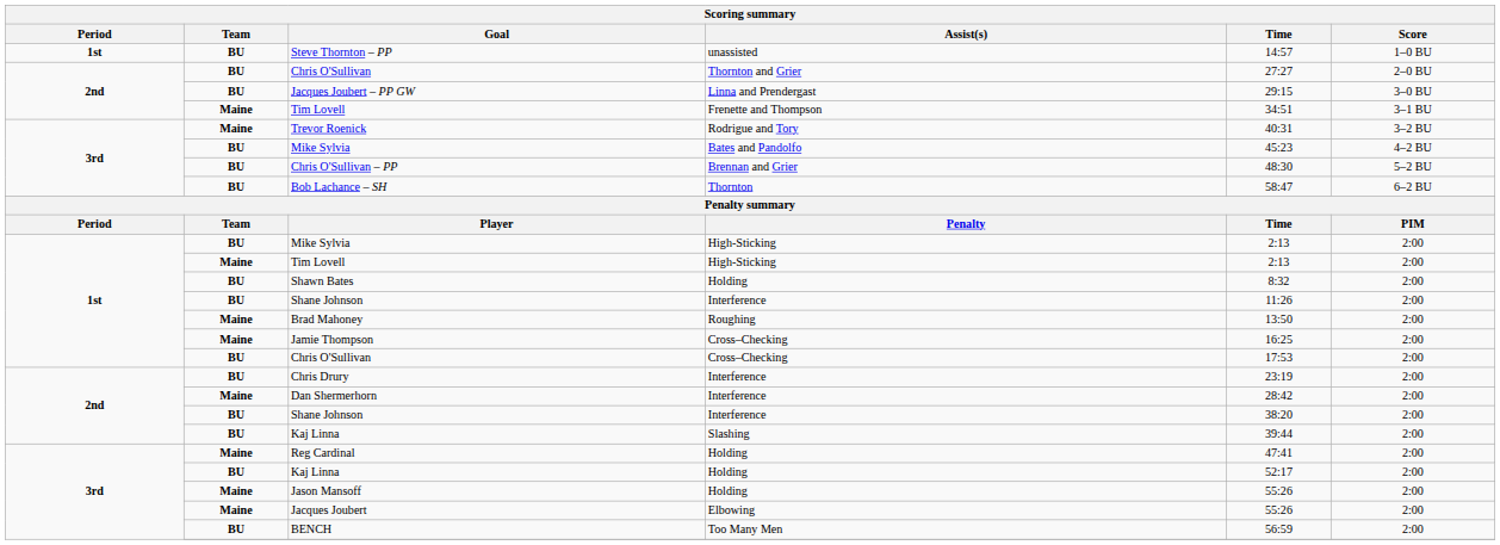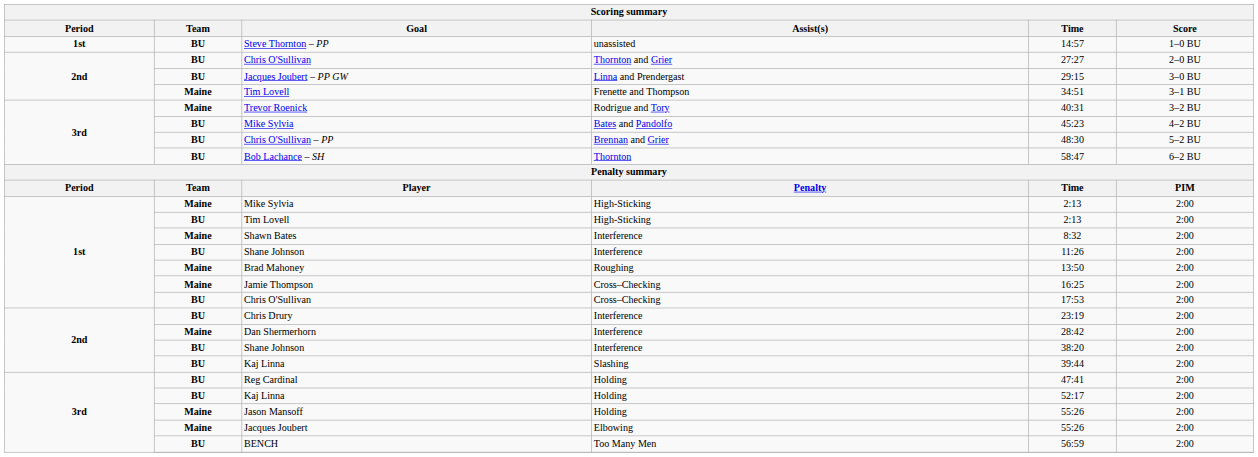 <table style="width:100%;" class="wikitable">
 <tr>
 <th colspan=6>Scoring summary</th>
 </tr>
 <tr>
 <th style="width:12%;">Period</th>
 <th style="width:7%;">Team</th>
 <th style="width:28%;">Goal</th>
 <th style="width:35%;">Assist(s)</th>
 <th style="width:7%;">Time</th>
 <th style="width:11%;">Score</th>
 </tr>
 <tr>
 <td style="text-align:center;" rowspan="1"><strong>1st</strong></td>
 <td align=center><strong>BU</strong></td>
 <td><a href='#'>Steve Thornton</a> – <em>PP</em></td>
 <td>unassisted</td>
 <td align=center>14:57</td>
 <td align=center>1–0 BU</td>
 </tr>
 <tr>
 <td style="text-align:center;" rowspan="3"><strong>2nd</strong></td>
 <td align=center><strong>BU</strong></td>
 <td><a href='#'>Chris O'Sullivan</a></td>
 <td><a href='#'>Thornton</a> and <a href='#'>Grier</a></td>
 <td align=center>27:27</td>
 <td align=center>2–0 BU</td>
 </tr>
 <tr>
 <td align=center><strong>BU</strong></td>
 <td><a href='#'>Jacques Joubert</a> – <em>PP GW</em></td>
 <td><a href='#'>Linna</a> and Prendergast</td>
 <td align=center>29:15</td>
 <td align=center>3–0 BU</td>
 </tr>
 <tr>
 <td align=center><strong>Maine</strong></td>
 <td><a href='#'>Tim Lovell</a></td>
 <td>Frenette and Thompson</td>
 <td align=center>34:51</td>
 <td align=center>3–1 BU</td>
 </tr>
 <tr>
 <td style="text-align:center;" rowspan="4"><strong>3rd</strong></td>
 <td align=center><strong>Maine</strong></td>
 <td><a href='#'>Trevor Roenick</a></td>
 <td>Rodrigue and <a href='#'>Tory</a></td>
 <td align=center>40:31</td>
 <td align=center>3–2 BU</td>
 </tr>
 <tr>
 <td align=center><strong>BU</strong></td>
 <td><a href='#'>Mike Sylvia</a></td>
 <td><a href='#'>Bates</a> and <a href='#'>Pandolfo</a></td>
 <td align=center>45:23</td>
 <td align=center>4–2 BU</td>
 </tr>
 <tr>
 <td align=center><strong>BU</strong></td>
 <td><a href='#'>Chris O'Sullivan</a> – <em>PP</em></td>
 <td><a href='#'>Brennan</a> and <a href='#'>Grier</a></td>
 <td align=center>48:30</td>
 <td align=center>5–2 BU</td>
 </tr>
 <tr>
 <td align=center><strong>BU</strong></td>
 <td><a href='#'>Bob Lachance</a> – <em>SH</em></td>
 <td><a href='#'>Thornton</a></td>
 <td align=center>58:47</td>
 <td align=center>6–2 BU</td>
 </tr>
 <tr>
 <th colspan=6>Penalty summary</th>
 </tr>
 <tr>
 <th style="width:12%;">Period</th>
 <th style="width:7%;">Team</th>
 <th style="width:28%;">Player</th>
 <th style="width:35%;"><a href='#'>Penalty</a></th>
 <th style="width:7%;">Time</th>
 <th style="width:11%;">PIM</th>
 </tr>
 <tr>
 <td style="text-align:center;" rowspan="7"><strong>1st</strong></td>
-<td align=center><strong>BU</strong></td>
+<td align=center><strong>Maine</strong></td>
 <td>Mike Sylvia</td>
 <td>High-Sticking</td>
 <td align=center>2:13</td>
 <td align=center>2:00</td>
 </tr>
 <tr>
-<td align=center><strong>Maine</strong></td>
+<td align=center><strong>BU</strong></td>
 <td>Tim Lovell</td>
 <td>High-Sticking</td>
 <td align=center>2:13</td>
 <td align=center>2:00</td>
 </tr>
 <tr>
-<td align=center><strong>BU</strong></td>
+<td align=center><strong>Maine</strong></td>
 <td>Shawn Bates</td>
-<td>Holding</td>
+<td>Interference</td>
 <td align=center>8:32</td>
 <td align=center>2:00</td>
 </tr>
 <tr>
 <td align=center><strong>BU</strong></td>
 <td>Shane Johnson</td>
 <td>Interference</td>
 <td align=center>11:26</td>
 <td align=center>2:00</td>
 </tr>
 <tr>
 <td align=center><strong>Maine</strong></td>
 <td>Brad Mahoney</td>
 <td>Roughing</td>
 <td align=center>13:50</td>
 <td align=center>2:00</td>
 </tr>
 <tr>
 <td align=center><strong>Maine</strong></td>
 <td>Jamie Thompson</td>
 <td>Cross–Checking</td>
 <td align=center>16:25</td>
 <td align=center>2:00</td>
 </tr>
 <tr>
 <td align=center><strong>BU</strong></td>
 <td>Chris O'Sullivan</td>
 <td>Cross–Checking</td>
 <td align=center>17:53</td>
 <td align=center>2:00</td>
 </tr>
 <tr>
 <td style="text-align:center;" rowspan="4"><strong>2nd</strong></td>
 <td align=center><strong>BU</strong></td>
 <td>Chris Drury</td>
 <td>Interference</td>
 <td align=center>23:19</td>
 <td align=center>2:00</td>
 </tr>
 <tr>
 <td align=center><strong>Maine</strong></td>
 <td>Dan Shermerhorn</td>
 <td>Interference</td>
 <td align=center>28:42</td>
 <td align=center>2:00</td>
 </tr>
 <tr>
 <td align=center><strong>BU</strong></td>
 <td>Shane Johnson</td>
 <td>Interference</td>
 <td align=center>38:20</td>
 <td align=center>2:00</td>
 </tr>
 <tr>
 <td align=center><strong>BU</strong></td>
 <td>Kaj Linna</td>
 <td>Slashing</td>
 <td align=center>39:44</td>
 <td align=center>2:00</td>
 </tr>
 <tr>
 <td style="text-align:center;" rowspan="6"><strong>3rd</strong></td>
-<td align=center><strong>Maine</strong></td>
+<td align=center><strong>BU</strong></td>
 <td>Reg Cardinal</td>
 <td>Holding</td>
 <td align=center>47:41</td>
 <td align=center>2:00</td>
 </tr>
 <tr>
 <td align=center><strong>BU</strong></td>
 <td>Kaj Linna</td>
 <td>Holding</td>
 <td align=center>52:17</td>
 <td align=center>2:00</td>
 </tr>
 <tr>
 <td align=center><strong>Maine</strong></td>
 <td>Jason Mansoff</td>
 <td>Holding</td>
 <td align=center>55:26</td>
 <td align=center>2:00</td>
 </tr>
 <tr>
 <td align=center><strong>Maine</strong></td>
 <td>Jacques Joubert</td>
 <td>Elbowing</td>
 <td align=center>55:26</td>
 <td align=center>2:00</td>
 </tr>
 <tr>
 <td align=center><strong>BU</strong></td>
 <td>BENCH</td>
 <td>Too Many Men</td>
 <td align=center>56:59</td>
 <td align=center>2:00</td>
 </tr>
 <tr>
 </tr>
 </table>
